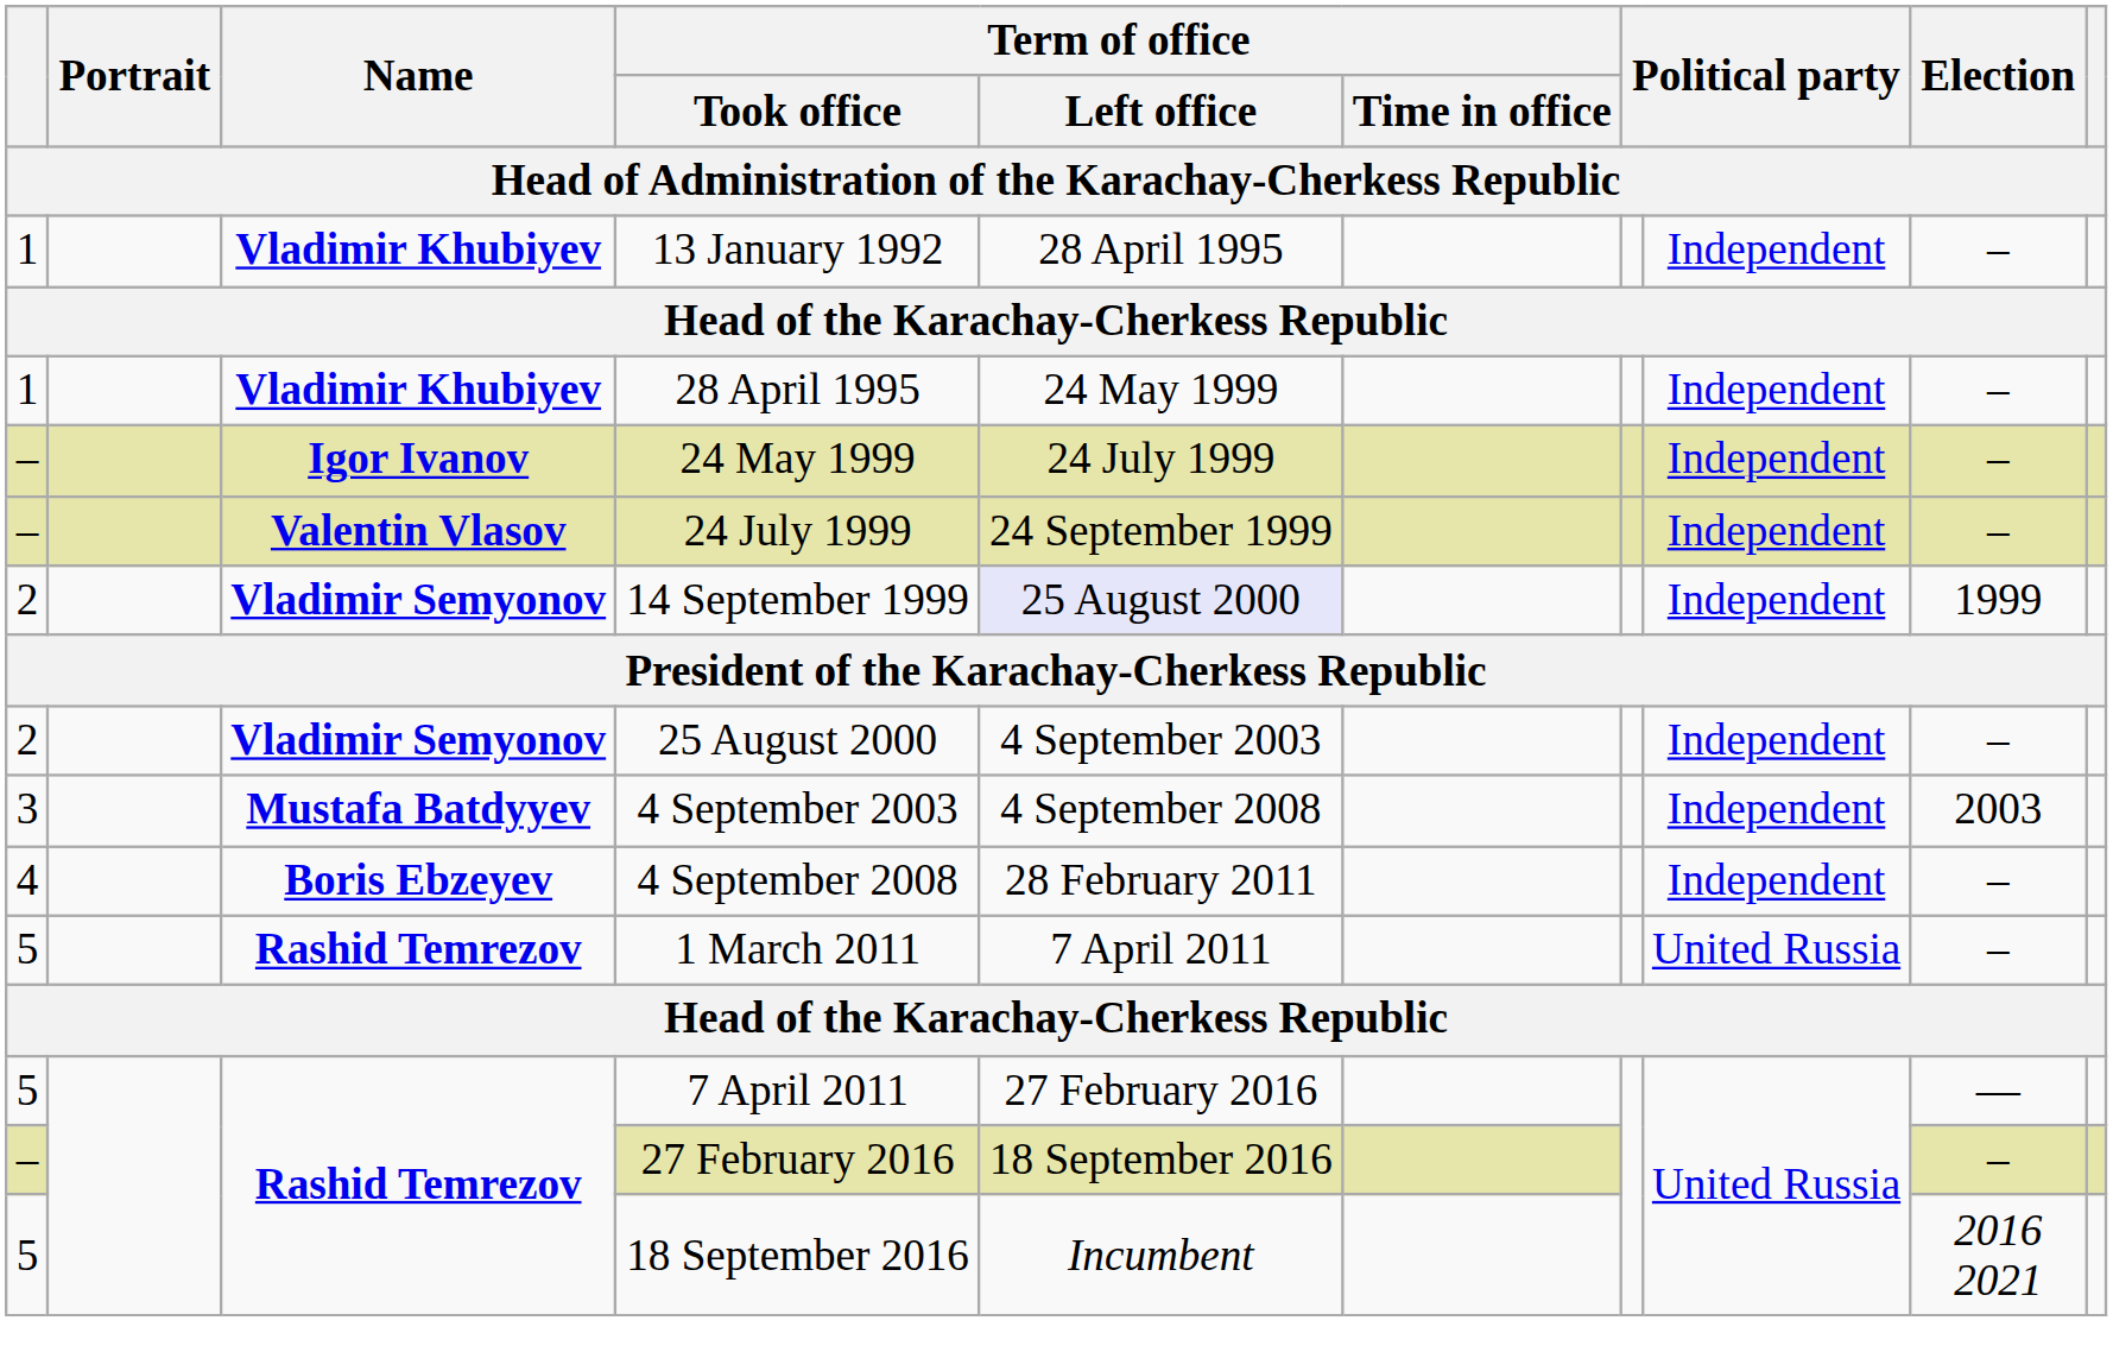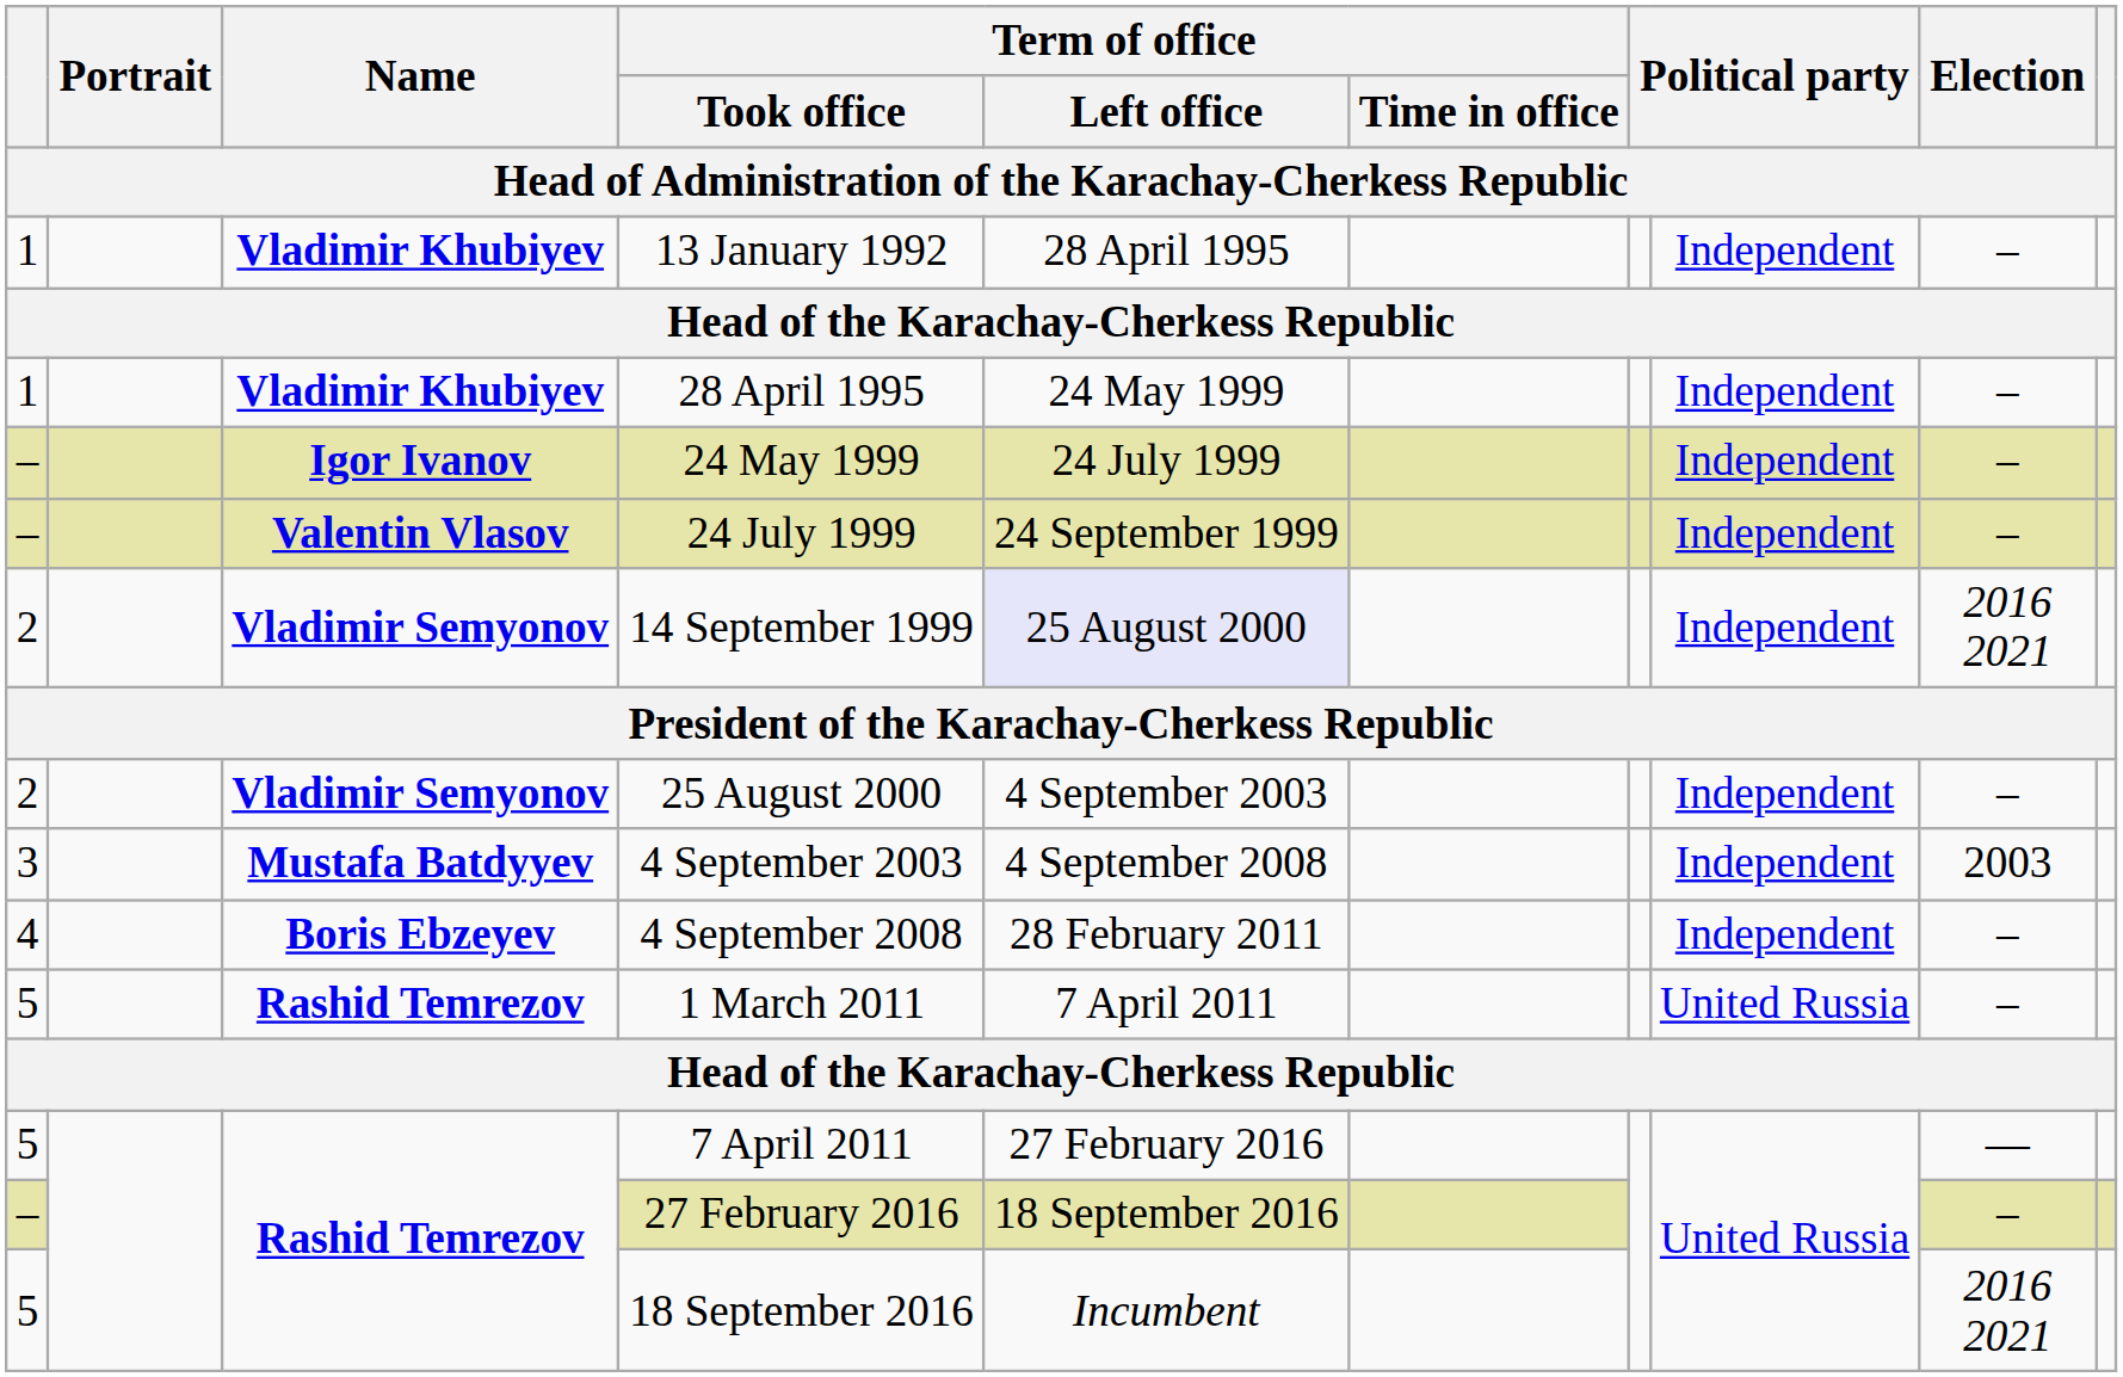 <table class="wikitable" style="text-align:center">
 <tr>
 <th rowspan=2></th>
 <th rowspan=2>Portrait</th>
 <th rowspan=2>Name<br></th>
 <th colspan=3>Term of office</th>
 <th colspan=2 rowspan=2>Political party</th>
 <th rowspan=2>Election</th>
 <th rowspan=2></th>
 </tr>
 <tr>
 <th>Took office</th>
 <th>Left office</th>
 <th>Time in office</th>
 </tr>
 <tr>
 <th colspan=10>Head of Administration of the Karachay-Cherkess Republic</th>
 </tr>
 <tr>
 <td>1</td>
 <td></td>
 <td><strong><a href='#'>Vladimir Khubiyev</a></strong><br></td>
 <td>13 January 1992</td>
 <td>28 April 1995</td>
 <td></td>
 <td style="background: "></td>
 <td><a href='#'>Independent</a></td>
 <td>–</td>
 <td></td>
 </tr>
 <tr>
 <th colspan=10>Head of the Karachay-Cherkess Republic</th>
 </tr>
 <tr>
 <td>1</td>
 <td></td>
 <td><strong><a href='#'>Vladimir Khubiyev</a></strong><br></td>
 <td>28 April 1995</td>
 <td>24 May 1999</td>
 <td></td>
 <td style="background: "></td>
 <td><a href='#'>Independent</a></td>
 <td>–</td>
 <td></td>
 </tr>
 <tr style="background:#e6e6aa;">
 <td>–</td>
 <td></td>
 <td><strong><a href='#'>Igor Ivanov</a></strong><br></td>
 <td>24 May 1999</td>
 <td>24 July 1999</td>
 <td></td>
 <td style="background: "></td>
 <td><a href='#'>Independent</a></td>
 <td>–</td>
 <td></td>
 </tr>
 <tr style="background:#e6e6aa;">
 <td>–</td>
 <td></td>
 <td><strong><a href='#'>Valentin Vlasov</a></strong><br></td>
 <td>24 July 1999</td>
 <td>24 September 1999</td>
 <td></td>
 <td style="background: "></td>
 <td><a href='#'>Independent</a></td>
 <td>–</td>
 <td></td>
 </tr>
 <tr>
 <td>2</td>
 <td></td>
 <td><strong><a href='#'>Vladimir Semyonov</a></strong><br></td>
 <td>14 September 1999</td>
 <td style="background: lavender;">25 August 2000</td>
 <td></td>
 <td style="background: "></td>
 <td><a href='#'>Independent</a></td>
-<td>1999</td>
+<td><em>2016</em><br><em>2021</em></td>
 <td></td>
 </tr>
 <tr>
 <th colspan=10>President of the Karachay-Cherkess Republic</th>
 </tr>
 <tr>
 <td>2</td>
 <td></td>
 <td><strong><a href='#'>Vladimir Semyonov</a></strong><br></td>
 <td>25 August 2000</td>
 <td>4 September 2003</td>
 <td></td>
 <td style="background: "></td>
 <td><a href='#'>Independent</a></td>
 <td>–</td>
 <td></td>
 </tr>
 <tr>
 <td>3</td>
 <td></td>
 <td><strong><a href='#'>Mustafa Batdyyev</a></strong><br></td>
 <td>4 September 2003</td>
 <td>4 September 2008</td>
 <td></td>
 <td style="background: "></td>
 <td><a href='#'>Independent</a></td>
 <td>2003</td>
 <td></td>
 </tr>
 <tr>
 <td>4</td>
 <td></td>
 <td><strong><a href='#'>Boris Ebzeyev</a></strong><br></td>
 <td>4 September 2008</td>
 <td>28 February 2011</td>
 <td></td>
 <td style="background: "></td>
 <td><a href='#'>Independent</a></td>
 <td>–</td>
 <td></td>
 </tr>
 <tr>
 <td>5</td>
 <td></td>
 <td><strong><a href='#'>Rashid Temrezov</a></strong><br></td>
 <td>1 March 2011</td>
 <td>7 April 2011</td>
 <td></td>
 <td style="background: "></td>
 <td><a href='#'>United Russia</a></td>
 <td>–</td>
 <td></td>
 </tr>
 <tr>
 <th colspan=10>Head of the Karachay-Cherkess Republic</th>
 </tr>
 <tr>
 <td>5</td>
 <td rowspan=3></td>
 <td rowspan=3><strong><a href='#'>Rashid Temrezov</a></strong><br></td>
 <td>7 April 2011</td>
 <td>27 February 2016</td>
 <td></td>
 <td rowspan=3 style="background: "></td>
 <td rowspan=3><a href='#'>United Russia</a></td>
 <td>—</td>
 <td></td>
 </tr>
 <tr style="background:#e6e6aa;">
 <td>–</td>
 <td>27 February 2016</td>
 <td>18 September 2016</td>
 <td></td>
 <td>–</td>
 <td></td>
 </tr>
 <tr>
 <td>5</td>
 <td>18 September 2016</td>
 <td><em>Incumbent</em></td>
 <td></td>
 <td><em>2016</em><br><em>2021</em></td>
 <td></td>
 </tr>
 </table>
